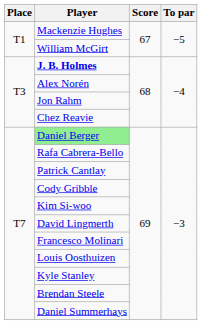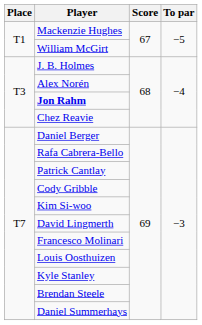 <table class="wikitable">
 <tr>
 <th>Place</th>
 <th>Player</th>
 <th>Score</th>
 <th>To par</th>
 </tr>
 <tr>
 <td rowspan=2 align=center>T1</td>
 <td> <a href='#'>Mackenzie Hughes</a></td>
 <td rowspan=2 align=center>67</td>
 <td rowspan=2 align=center>−5</td>
 </tr>
 <tr>
 <td> <a href='#'>William McGirt</a></td>
 </tr>
 <tr>
 <td rowspan=4 align=center>T3</td>
-<td><strong> <a href='#'>J. B. Holmes</a></strong></td>
+<td> <a href='#'>J. B. Holmes</a></td>
 <td rowspan=4 align=center>68</td>
 <td rowspan=4 align=center>−4</td>
 </tr>
 <tr>
 <td> <a href='#'>Alex Norén</a></td>
 </tr>
 <tr>
-<td> <a href='#'>Jon Rahm</a></td>
+<td><strong> <a href='#'>Jon Rahm</a></strong></td>
 </tr>
 <tr>
 <td> <a href='#'>Chez Reavie</a></td>
 </tr>
 <tr>
 <td rowspan=11 align=center>T7</td>
-<td style="background: lightgreen;"> <a href='#'>Daniel Berger</a></td>
+<td> <a href='#'>Daniel Berger</a></td>
 <td rowspan=11 align=center>69</td>
 <td rowspan=11 align=center>−3</td>
 </tr>
 <tr>
 <td> <a href='#'>Rafa Cabrera-Bello</a></td>
 </tr>
 <tr>
 <td> <a href='#'>Patrick Cantlay</a></td>
 </tr>
 <tr>
 <td> <a href='#'>Cody Gribble</a></td>
 </tr>
 <tr>
 <td> <a href='#'>Kim Si-woo</a></td>
 </tr>
 <tr>
 <td> <a href='#'>David Lingmerth</a></td>
 </tr>
 <tr>
 <td> <a href='#'>Francesco Molinari</a></td>
 </tr>
 <tr>
 <td> <a href='#'>Louis Oosthuizen</a></td>
 </tr>
 <tr>
 <td> <a href='#'>Kyle Stanley</a></td>
 </tr>
 <tr>
 <td> <a href='#'>Brendan Steele</a></td>
 </tr>
 <tr>
 <td> <a href='#'>Daniel Summerhays</a></td>
 </tr>
 </table>
